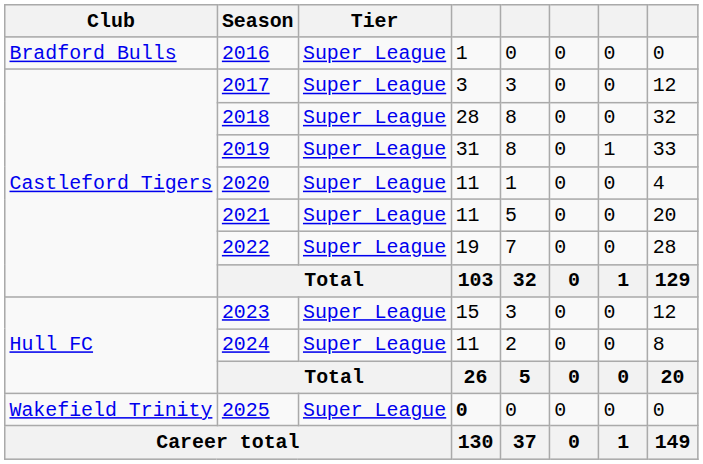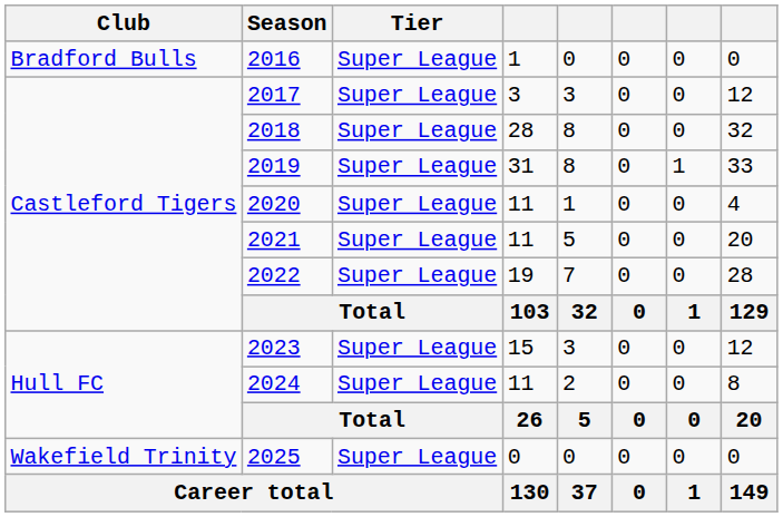 <table class="wikitable defaultcenter">
 <tr>
 <th>Club</th>
 <th>Season</th>
 <th>Tier</th>
 <th style="width:2em;"></th>
 <th style="width:2em;"></th>
 <th style="width:2em;"></th>
 <th style="width:2em;"></th>
 <th style="width:2em;"></th>
 </tr>
 <tr>
 <td style="text-align:left;"> <a href='#'>Bradford Bulls</a></td>
 <td><a href='#'>2016</a></td>
 <td><a href='#'>Super League</a></td>
 <td>1</td>
 <td>0</td>
 <td>0</td>
 <td>0</td>
 <td>0</td>
 </tr>
 <tr>
 <td rowspan="7" style="text-align:left;"> <a href='#'>Castleford Tigers</a></td>
 <td><a href='#'>2017</a></td>
 <td><a href='#'>Super League</a></td>
 <td>3</td>
 <td>3</td>
 <td>0</td>
 <td>0</td>
 <td>12</td>
 </tr>
 <tr>
 <td><a href='#'>2018</a></td>
 <td><a href='#'>Super League</a></td>
 <td>28</td>
 <td>8</td>
 <td>0</td>
 <td>0</td>
 <td>32</td>
 </tr>
 <tr>
 <td><a href='#'>2019</a></td>
 <td><a href='#'>Super League</a></td>
 <td>31</td>
 <td>8</td>
 <td>0</td>
 <td>1</td>
 <td>33</td>
 </tr>
 <tr>
 <td><a href='#'>2020</a></td>
 <td><a href='#'>Super League</a></td>
 <td>11</td>
 <td>1</td>
 <td>0</td>
 <td>0</td>
 <td>4</td>
 </tr>
 <tr>
 <td><a href='#'>2021</a></td>
 <td><a href='#'>Super League</a></td>
 <td>11</td>
 <td>5</td>
 <td>0</td>
 <td>0</td>
 <td>20</td>
 </tr>
 <tr>
 <td><a href='#'>2022</a></td>
 <td><a href='#'>Super League</a></td>
 <td>19</td>
 <td>7</td>
 <td>0</td>
 <td>0</td>
 <td>28</td>
 </tr>
 <tr>
 <th colspan="2">Total</th>
 <th>103</th>
 <th>32</th>
 <th>0</th>
 <th>1</th>
 <th>129</th>
 </tr>
 <tr>
 <td rowspan="3" style="text-align:left;"> <a href='#'>Hull FC</a></td>
 <td><a href='#'>2023</a></td>
 <td><a href='#'>Super League</a></td>
 <td>15</td>
 <td>3</td>
 <td>0</td>
 <td>0</td>
 <td>12</td>
 </tr>
 <tr>
 <td><a href='#'>2024</a></td>
 <td><a href='#'>Super League</a></td>
 <td>11</td>
 <td>2</td>
 <td>0</td>
 <td>0</td>
 <td>8</td>
 </tr>
 <tr>
 <th colspan="2">Total</th>
 <th>26</th>
 <th>5</th>
 <th>0</th>
 <th>0</th>
 <th>20</th>
 </tr>
 <tr>
 <td style="text-align:left;"> <a href='#'>Wakefield Trinity</a></td>
 <td><a href='#'>2025</a></td>
 <td><a href='#'>Super League</a></td>
-<td><strong>0</strong></td>
+<td>0</td>
 <td>0</td>
 <td>0</td>
 <td>0</td>
 <td>0</td>
 </tr>
 <tr>
 <th colspan="3">Career total</th>
 <th>130</th>
 <th>37</th>
 <th>0</th>
 <th>1</th>
 <th>149</th>
 </tr>
 </table>
